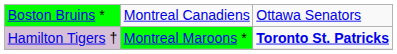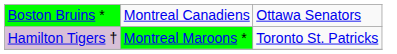 <table class="wikitable">
 <tr>
 <td style="background-color:#00FF00;"><a href='#'>Boston Bruins</a> *</td>
 <td><a href='#'>Montreal Canadiens</a></td>
 <td><a href='#'>Ottawa Senators</a></td>
 </tr>
 <tr>
 <td style="background-color:#D8BFD8;"><a href='#'>Hamilton Tigers</a> †</td>
 <td style="background-color:#00FF00;"><a href='#'>Montreal Maroons</a> *</td>
-<td><strong><a href='#'>Toronto St. Patricks</a></strong></td>
+<td><a href='#'>Toronto St. Patricks</a></td>
 </tr>
 <tr>
 </tr>
 </table>
